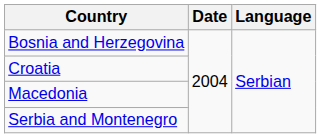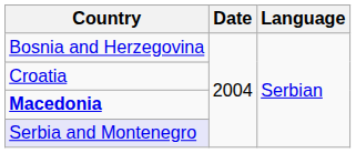 <table class="wikitable">
 <tr>
 <th>Country</th>
 <th>Date</th>
 <th>Language</th>
 </tr>
 <tr>
 <td><a href='#'>Bosnia and Herzegovina</a></td>
 <td rowspan="4">2004</td>
 <td rowspan="4"><a href='#'>Serbian</a></td>
 </tr>
 <tr>
 <td><a href='#'>Croatia</a></td>
 </tr>
 <tr>
-<td><a href='#'>Macedonia</a></td>
+<td><strong><a href='#'>Macedonia</a></strong></td>
 </tr>
 <tr>
-<td><a href='#'>Serbia and Montenegro</a></td>
+<td style="background: lavender;"><a href='#'>Serbia and Montenegro</a></td>
 </tr>
 </table>
